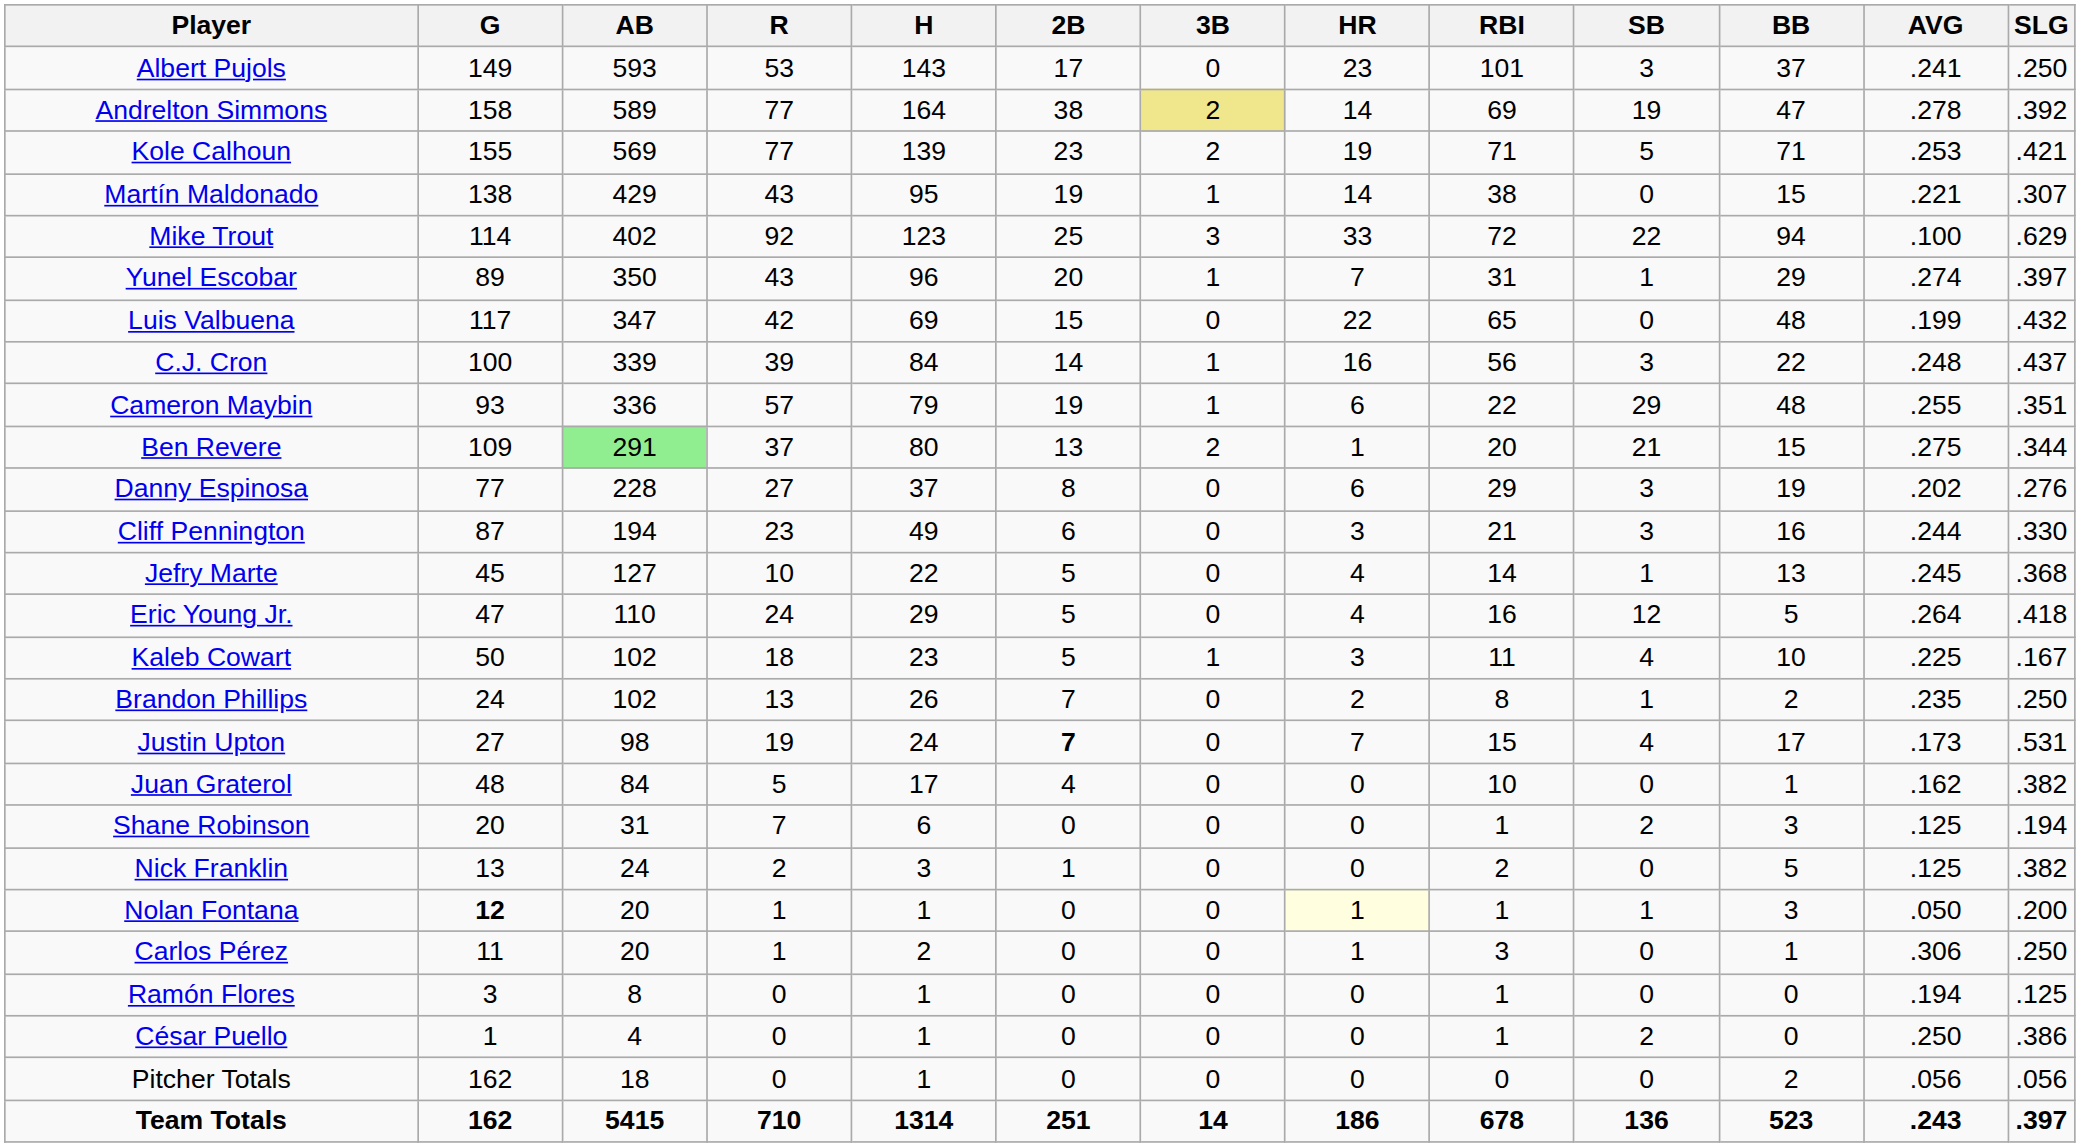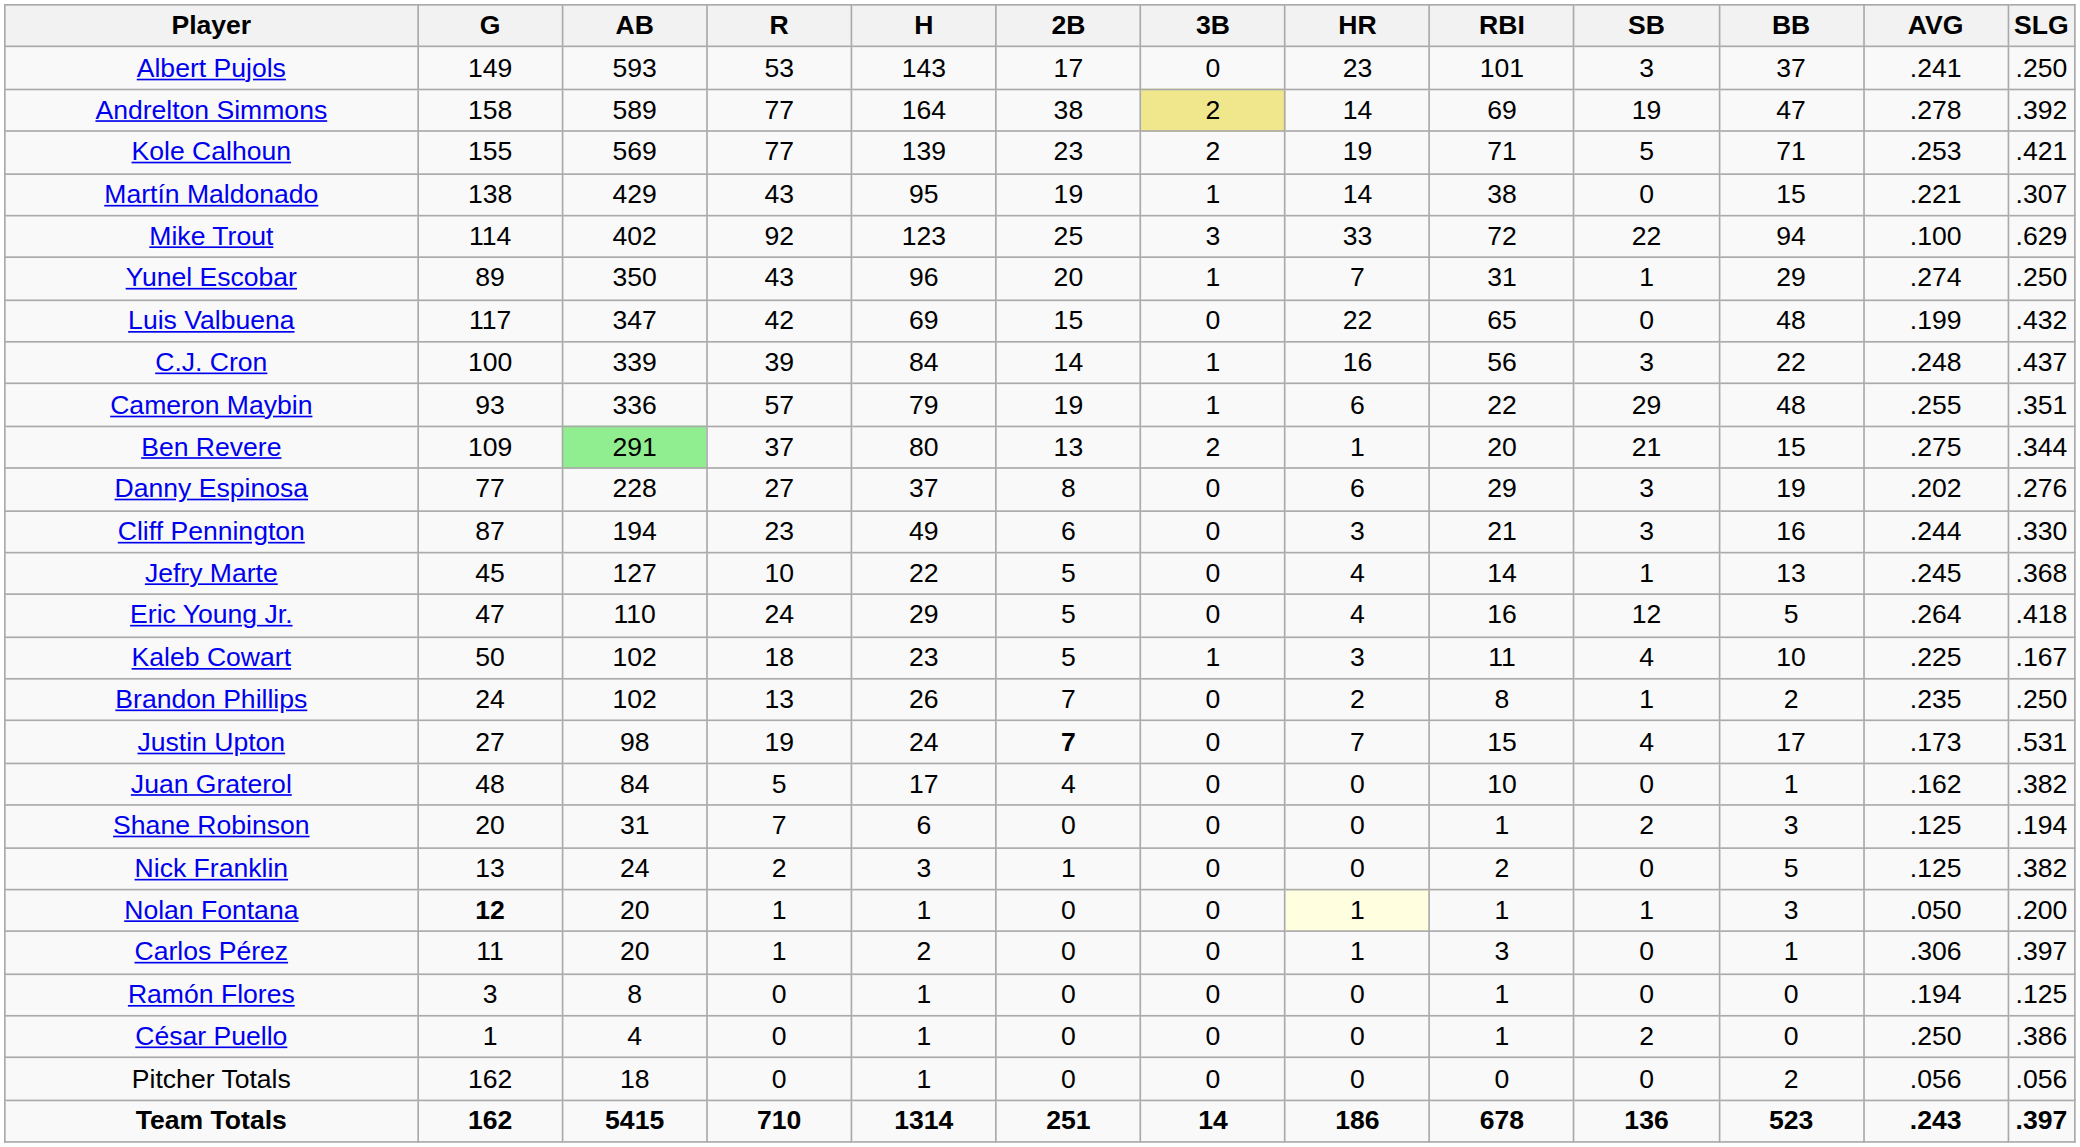 <table class=wikitable style="text-align:center">
 <tr>
 <th bgcolor=#DDDDFF; width="20%">Player</th>
 <th bgcolor=#DDDDFF; width="7%">G</th>
 <th bgcolor=#DDDDFF; width="7%">AB</th>
 <th bgcolor=#DDDDFF; width="7%">R</th>
 <th bgcolor=#DDDDFF; width="7%'">H</th>
 <th bgcolor=#DDDDFF; width="7%">2B</th>
 <th bgcolor=#DDDDFF; width="7%">3B</th>
 <th bgcolor=#DDDDFF; width="7%">HR</th>
 <th bgcolor=#DDDDFF; width="7%">RBI</th>
 <th bgcolor=#DDDDFF; width="7%">SB</th>
 <th bgcolor=#DDDDFF; width="7%">BB</th>
 <th bgcolor=#DDDDFF; width="7%">AVG</th>
 <th bgcolor=#DDDDFF; width="7%'">SLG</th>
 </tr>
 <tr>
 <td><a href='#'>Albert Pujols</a></td>
 <td>149</td>
 <td>593</td>
 <td>53</td>
 <td>143</td>
 <td>17</td>
 <td>0</td>
 <td>23</td>
 <td>101</td>
 <td>3</td>
 <td>37</td>
 <td>.241</td>
 <td>.250</td>
 </tr>
 <tr>
 <td><a href='#'>Andrelton Simmons</a></td>
 <td>158</td>
 <td>589</td>
 <td>77</td>
 <td>164</td>
 <td>38</td>
 <td style="background: khaki;">2</td>
 <td>14</td>
 <td>69</td>
 <td>19</td>
 <td>47</td>
 <td>.278</td>
 <td>.392</td>
 </tr>
 <tr>
 <td><a href='#'>Kole Calhoun</a></td>
 <td>155</td>
 <td>569</td>
 <td>77</td>
 <td>139</td>
 <td>23</td>
 <td>2</td>
 <td>19</td>
 <td>71</td>
 <td>5</td>
 <td>71</td>
 <td>.253</td>
 <td>.421</td>
 </tr>
 <tr>
 <td><a href='#'>Martín Maldonado</a></td>
 <td>138</td>
 <td>429</td>
 <td>43</td>
 <td>95</td>
 <td>19</td>
 <td>1</td>
 <td>14</td>
 <td>38</td>
 <td>0</td>
 <td>15</td>
 <td>.221</td>
 <td>.307</td>
 </tr>
 <tr>
 <td><a href='#'>Mike Trout</a></td>
 <td>114</td>
 <td>402</td>
 <td>92</td>
 <td>123</td>
 <td>25</td>
 <td>3</td>
 <td>33</td>
 <td>72</td>
 <td>22</td>
 <td>94</td>
 <td>.100</td>
 <td>.629</td>
 </tr>
 <tr>
 <td><a href='#'>Yunel Escobar</a></td>
 <td>89</td>
 <td>350</td>
 <td>43</td>
 <td>96</td>
 <td>20</td>
 <td>1</td>
 <td>7</td>
 <td>31</td>
 <td>1</td>
 <td>29</td>
 <td>.274</td>
-<td>.397</td>
+<td>.250</td>
 </tr>
 <tr>
 <td><a href='#'>Luis Valbuena</a></td>
 <td>117</td>
 <td>347</td>
 <td>42</td>
 <td>69</td>
 <td>15</td>
 <td>0</td>
 <td>22</td>
 <td>65</td>
 <td>0</td>
 <td>48</td>
 <td>.199</td>
 <td>.432</td>
 </tr>
 <tr>
 <td><a href='#'>C.J. Cron</a></td>
 <td>100</td>
 <td>339</td>
 <td>39</td>
 <td>84</td>
 <td>14</td>
 <td>1</td>
 <td>16</td>
 <td>56</td>
 <td>3</td>
 <td>22</td>
 <td>.248</td>
 <td>.437</td>
 </tr>
 <tr>
 <td><a href='#'>Cameron Maybin</a></td>
 <td>93</td>
 <td>336</td>
 <td>57</td>
 <td>79</td>
 <td>19</td>
 <td>1</td>
 <td>6</td>
 <td>22</td>
 <td>29</td>
 <td>48</td>
 <td>.255</td>
 <td>.351</td>
 </tr>
 <tr>
 <td><a href='#'>Ben Revere</a></td>
 <td>109</td>
 <td style="background: lightgreen;">291</td>
 <td>37</td>
 <td>80</td>
 <td>13</td>
 <td>2</td>
 <td>1</td>
 <td>20</td>
 <td>21</td>
 <td>15</td>
 <td>.275</td>
 <td>.344</td>
 </tr>
 <tr>
 <td><a href='#'>Danny Espinosa</a></td>
 <td>77</td>
 <td>228</td>
 <td>27</td>
 <td>37</td>
 <td>8</td>
 <td>0</td>
 <td>6</td>
 <td>29</td>
 <td>3</td>
 <td>19</td>
 <td>.202</td>
 <td>.276</td>
 </tr>
 <tr>
 <td><a href='#'>Cliff Pennington</a></td>
 <td>87</td>
 <td>194</td>
 <td>23</td>
 <td>49</td>
 <td>6</td>
 <td>0</td>
 <td>3</td>
 <td>21</td>
 <td>3</td>
 <td>16</td>
 <td>.244</td>
 <td>.330</td>
 </tr>
 <tr>
 <td><a href='#'>Jefry Marte</a></td>
 <td>45</td>
 <td>127</td>
 <td>10</td>
 <td>22</td>
 <td>5</td>
 <td>0</td>
 <td>4</td>
 <td>14</td>
 <td>1</td>
 <td>13</td>
 <td>.245</td>
 <td>.368</td>
 </tr>
 <tr>
 <td><a href='#'>Eric Young Jr.</a></td>
 <td>47</td>
 <td>110</td>
 <td>24</td>
 <td>29</td>
 <td>5</td>
 <td>0</td>
 <td>4</td>
 <td>16</td>
 <td>12</td>
 <td>5</td>
 <td>.264</td>
 <td>.418</td>
 </tr>
 <tr>
 <td><a href='#'>Kaleb Cowart</a></td>
 <td>50</td>
 <td>102</td>
 <td>18</td>
 <td>23</td>
 <td>5</td>
 <td>1</td>
 <td>3</td>
 <td>11</td>
 <td>4</td>
 <td>10</td>
 <td>.225</td>
 <td>.167</td>
 </tr>
 <tr>
 <td><a href='#'>Brandon Phillips</a></td>
 <td>24</td>
 <td>102</td>
 <td>13</td>
 <td>26</td>
 <td>7</td>
 <td>0</td>
 <td>2</td>
 <td>8</td>
 <td>1</td>
 <td>2</td>
 <td>.235</td>
 <td>.250</td>
 </tr>
 <tr>
 <td><a href='#'>Justin Upton</a></td>
 <td>27</td>
 <td>98</td>
 <td>19</td>
 <td>24</td>
 <td><strong>7</strong></td>
 <td>0</td>
 <td>7</td>
 <td>15</td>
 <td>4</td>
 <td>17</td>
 <td>.173</td>
 <td>.531</td>
 </tr>
 <tr>
 <td><a href='#'>Juan Graterol</a></td>
 <td>48</td>
 <td>84</td>
 <td>5</td>
 <td>17</td>
 <td>4</td>
 <td>0</td>
 <td>0</td>
 <td>10</td>
 <td>0</td>
 <td>1</td>
 <td>.162</td>
 <td>.382</td>
 </tr>
 <tr>
 <td><a href='#'>Shane Robinson</a></td>
 <td>20</td>
 <td>31</td>
 <td>7</td>
 <td>6</td>
 <td>0</td>
 <td>0</td>
 <td>0</td>
 <td>1</td>
 <td>2</td>
 <td>3</td>
 <td>.125</td>
 <td>.194</td>
 </tr>
 <tr>
 <td><a href='#'>Nick Franklin</a></td>
 <td>13</td>
 <td>24</td>
 <td>2</td>
 <td>3</td>
 <td>1</td>
 <td>0</td>
 <td>0</td>
 <td>2</td>
 <td>0</td>
 <td>5</td>
 <td>.125</td>
 <td>.382</td>
 </tr>
 <tr>
 <td><a href='#'>Nolan Fontana</a></td>
 <td><strong>12</strong></td>
 <td>20</td>
 <td>1</td>
 <td>1</td>
 <td>0</td>
 <td>0</td>
 <td style="background: lightyellow;">1</td>
 <td>1</td>
 <td>1</td>
 <td>3</td>
 <td>.050</td>
 <td>.200</td>
 </tr>
 <tr>
 <td><a href='#'>Carlos Pérez</a></td>
 <td>11</td>
 <td>20</td>
 <td>1</td>
 <td>2</td>
 <td>0</td>
 <td>0</td>
 <td>1</td>
 <td>3</td>
 <td>0</td>
 <td>1</td>
 <td>.306</td>
-<td>.250</td>
+<td>.397</td>
 </tr>
 <tr>
 <td><a href='#'>Ramón Flores</a></td>
 <td>3</td>
 <td>8</td>
 <td>0</td>
 <td>1</td>
 <td>0</td>
 <td>0</td>
 <td>0</td>
 <td>1</td>
 <td>0</td>
 <td>0</td>
 <td>.194</td>
 <td>.125</td>
 </tr>
 <tr>
 <td><a href='#'>César Puello</a></td>
 <td>1</td>
 <td>4</td>
 <td>0</td>
 <td>1</td>
 <td>0</td>
 <td>0</td>
 <td>0</td>
 <td>1</td>
 <td>2</td>
 <td>0</td>
 <td>.250</td>
 <td>.386</td>
 </tr>
 <tr>
 <td>Pitcher Totals</td>
 <td>162</td>
 <td>18</td>
 <td>0</td>
 <td>1</td>
 <td>0</td>
 <td>0</td>
 <td>0</td>
 <td>0</td>
 <td>0</td>
 <td>2</td>
 <td>.056</td>
 <td>.056</td>
 </tr>
 <tr>
 <td><strong>Team Totals</strong></td>
 <td><strong>162</strong></td>
 <td><strong>5415</strong></td>
 <td><strong>710</strong></td>
 <td><strong>1314</strong></td>
 <td><strong>251</strong></td>
 <td><strong>14</strong></td>
 <td><strong>186</strong></td>
 <td><strong>678</strong></td>
 <td><strong>136</strong></td>
 <td><strong>523</strong></td>
 <td><strong>.243</strong></td>
 <td><strong>.397</strong></td>
 </tr>
 </table>
